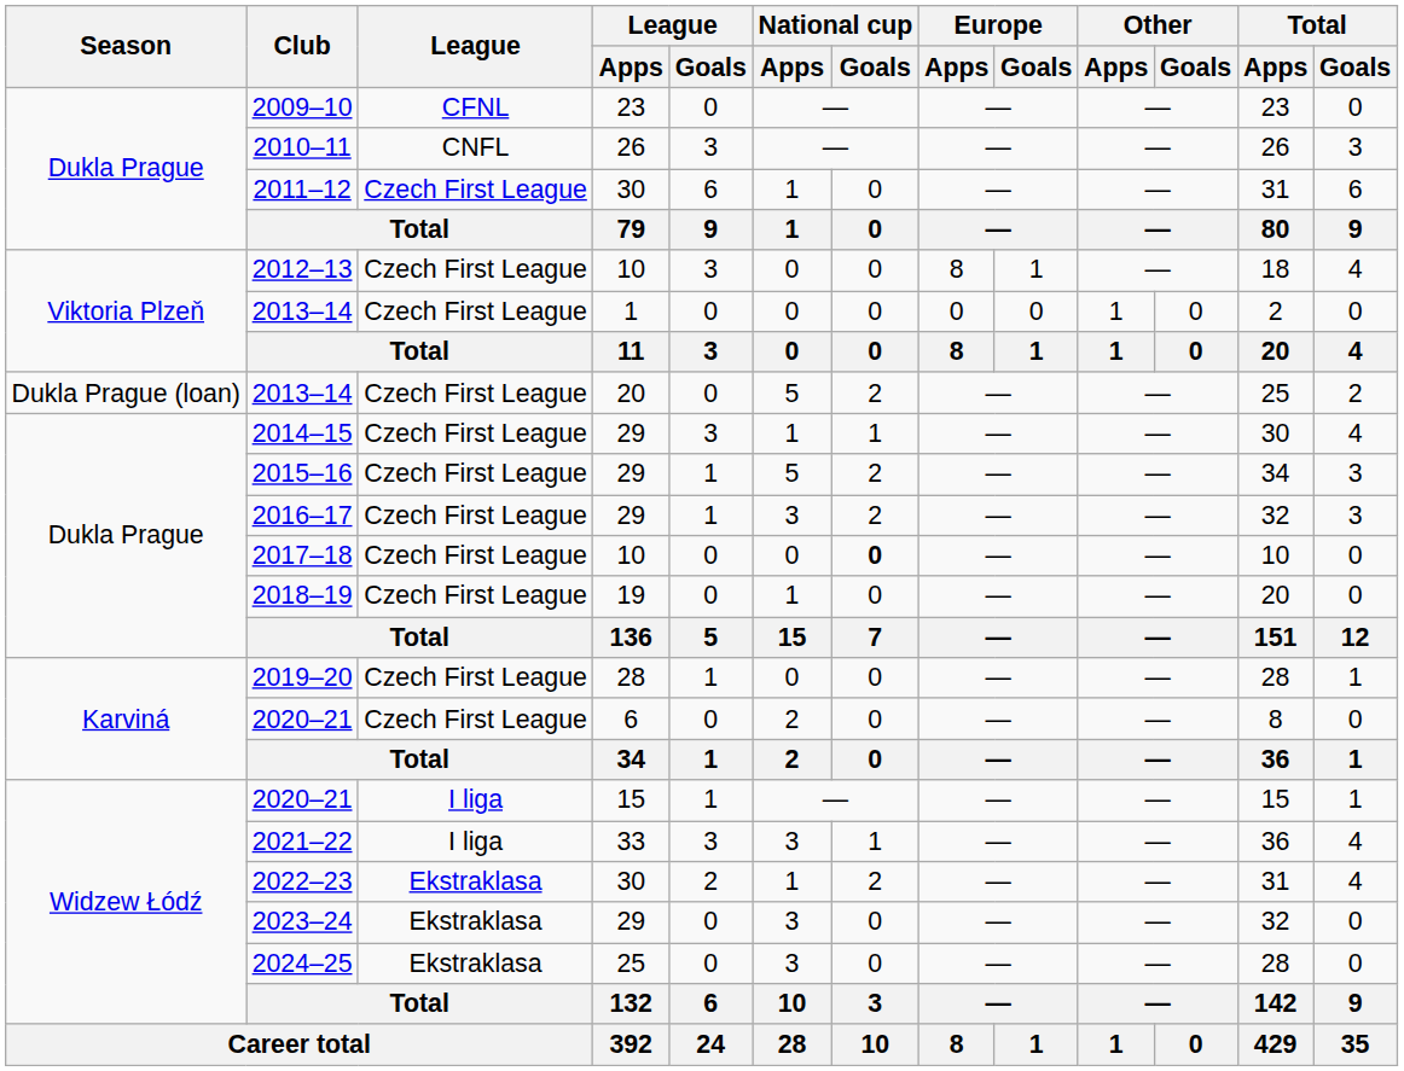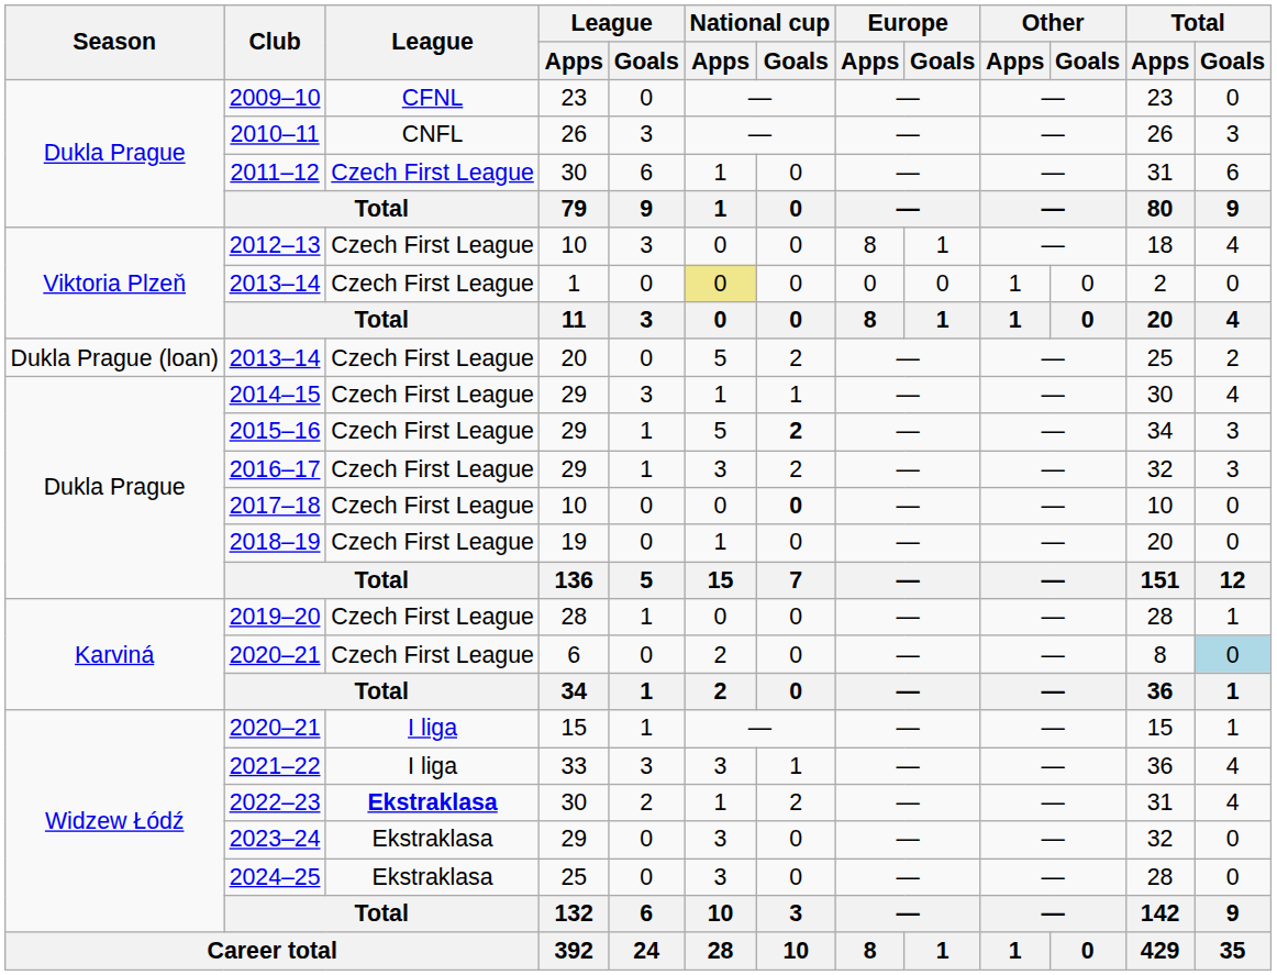 <table class="wikitable" style="text-align: center;">
 <tr>
 <th rowspan="2">Season</th>
 <th rowspan="2">Club</th>
 <th rowspan="2">League</th>
 <th colspan="2">League</th>
 <th colspan="2">National cup</th>
 <th colspan="2">Europe</th>
 <th colspan="2">Other</th>
 <th colspan="2">Total</th>
 </tr>
 <tr>
 <th>Apps</th>
 <th>Goals</th>
 <th>Apps</th>
 <th>Goals</th>
 <th>Apps</th>
 <th>Goals</th>
 <th>Apps</th>
 <th>Goals</th>
 <th>Apps</th>
 <th>Goals</th>
 </tr>
 <tr>
 <td rowspan="4"><a href='#'>Dukla Prague</a></td>
 <td><a href='#'>2009–10</a></td>
 <td><a href='#'>CFNL</a></td>
 <td>23</td>
 <td>0</td>
 <td colspan="2">—</td>
 <td colspan="2">—</td>
 <td colspan="2">—</td>
 <td>23</td>
 <td>0</td>
 </tr>
 <tr>
 <td><a href='#'>2010–11</a></td>
 <td>CNFL</td>
 <td>26</td>
 <td>3</td>
 <td colspan="2">—</td>
 <td colspan="2">—</td>
 <td colspan="2">—</td>
 <td>26</td>
 <td>3</td>
 </tr>
 <tr>
 <td><a href='#'>2011–12</a></td>
 <td><a href='#'>Czech First League</a></td>
 <td>30</td>
 <td>6</td>
 <td>1</td>
 <td>0</td>
 <td colspan="2">—</td>
 <td colspan="2">—</td>
 <td>31</td>
 <td>6</td>
 </tr>
 <tr>
 <th colspan="2">Total</th>
 <th>79</th>
 <th>9</th>
 <th>1</th>
 <th>0</th>
 <th colspan="2">—</th>
 <th colspan="2">—</th>
 <th>80</th>
 <th>9</th>
 </tr>
 <tr>
 <td rowspan="3"><a href='#'>Viktoria Plzeň</a></td>
 <td><a href='#'>2012–13</a></td>
 <td>Czech First League</td>
 <td>10</td>
 <td>3</td>
 <td>0</td>
 <td>0</td>
 <td>8</td>
 <td>1</td>
 <td colspan="2">—</td>
 <td>18</td>
 <td>4</td>
 </tr>
 <tr>
 <td><a href='#'>2013–14</a></td>
 <td>Czech First League</td>
 <td>1</td>
 <td>0</td>
-<td>0</td>
+<td style="background: khaki;">0</td>
 <td>0</td>
 <td>0</td>
 <td>0</td>
 <td>1</td>
 <td>0</td>
 <td>2</td>
 <td>0</td>
 </tr>
 <tr>
 <th colspan="2">Total</th>
 <th>11</th>
 <th>3</th>
 <th>0</th>
 <th>0</th>
 <th>8</th>
 <th>1</th>
 <th>1</th>
 <th>0</th>
 <th>20</th>
 <th>4</th>
 </tr>
 <tr>
 <td>Dukla Prague (loan)</td>
 <td><a href='#'>2013–14</a></td>
 <td>Czech First League</td>
 <td>20</td>
 <td>0</td>
 <td>5</td>
 <td>2</td>
 <td colspan="2">—</td>
 <td colspan="2">—</td>
 <td>25</td>
 <td>2</td>
 </tr>
 <tr>
 <td rowspan="6">Dukla Prague</td>
 <td><a href='#'>2014–15</a></td>
 <td>Czech First League</td>
 <td>29</td>
 <td>3</td>
 <td>1</td>
 <td>1</td>
 <td colspan="2">—</td>
 <td colspan="2">—</td>
 <td>30</td>
 <td>4</td>
 </tr>
 <tr>
 <td><a href='#'>2015–16</a></td>
 <td>Czech First League</td>
 <td>29</td>
 <td>1</td>
 <td>5</td>
-<td>2</td>
+<td><strong>2</strong></td>
 <td colspan="2">—</td>
 <td colspan="2">—</td>
 <td>34</td>
 <td>3</td>
 </tr>
 <tr>
 <td><a href='#'>2016–17</a></td>
 <td>Czech First League</td>
 <td>29</td>
 <td>1</td>
 <td>3</td>
 <td>2</td>
 <td colspan="2">—</td>
 <td colspan="2">—</td>
 <td>32</td>
 <td>3</td>
 </tr>
 <tr>
 <td><a href='#'>2017–18</a></td>
 <td>Czech First League</td>
 <td>10</td>
 <td>0</td>
 <td>0</td>
 <td><strong>0</strong></td>
 <td colspan="2">—</td>
 <td colspan="2">—</td>
 <td>10</td>
 <td>0</td>
 </tr>
 <tr>
 <td><a href='#'>2018–19</a></td>
 <td>Czech First League</td>
 <td>19</td>
 <td>0</td>
 <td>1</td>
 <td>0</td>
 <td colspan="2">—</td>
 <td colspan="2">—</td>
 <td>20</td>
 <td>0</td>
 </tr>
 <tr>
 <th colspan="2">Total</th>
 <th>136</th>
 <th>5</th>
 <th>15</th>
 <th>7</th>
 <th colspan="2">—</th>
 <th colspan="2">—</th>
 <th>151</th>
 <th>12</th>
 </tr>
 <tr>
 <td rowspan="3"><a href='#'>Karviná</a></td>
 <td><a href='#'>2019–20</a></td>
 <td>Czech First League</td>
 <td>28</td>
 <td>1</td>
 <td>0</td>
 <td>0</td>
 <td colspan="2">—</td>
 <td colspan="2">—</td>
 <td>28</td>
 <td>1</td>
 </tr>
 <tr>
 <td><a href='#'>2020–21</a></td>
 <td>Czech First League</td>
 <td>6</td>
 <td>0</td>
 <td>2</td>
 <td>0</td>
 <td colspan="2">—</td>
 <td colspan="2">—</td>
 <td>8</td>
-<td>0</td>
+<td style="background: lightblue;">0</td>
 </tr>
 <tr>
 <th colspan="2">Total</th>
 <th>34</th>
 <th>1</th>
 <th>2</th>
 <th>0</th>
 <th colspan="2">—</th>
 <th colspan="2">—</th>
 <th>36</th>
 <th>1</th>
 </tr>
 <tr>
 <td rowspan="6"><a href='#'>Widzew Łódź</a></td>
 <td><a href='#'>2020–21</a></td>
 <td><a href='#'>I liga</a></td>
 <td>15</td>
 <td>1</td>
 <td colspan="2">—</td>
 <td colspan="2">—</td>
 <td colspan="2">—</td>
 <td>15</td>
 <td>1</td>
 </tr>
 <tr>
 <td><a href='#'>2021–22</a></td>
 <td>I liga</td>
 <td>33</td>
 <td>3</td>
 <td>3</td>
 <td>1</td>
 <td colspan="2">—</td>
 <td colspan="2">—</td>
 <td>36</td>
 <td>4</td>
 </tr>
 <tr>
 <td><a href='#'>2022–23</a></td>
-<td><a href='#'>Ekstraklasa</a></td>
+<td><strong><a href='#'>Ekstraklasa</a></strong></td>
 <td>30</td>
 <td>2</td>
 <td>1</td>
 <td>2</td>
 <td colspan="2">—</td>
 <td colspan="2">—</td>
 <td>31</td>
 <td>4</td>
 </tr>
 <tr>
 <td><a href='#'>2023–24</a></td>
 <td>Ekstraklasa</td>
 <td>29</td>
 <td>0</td>
 <td>3</td>
 <td>0</td>
 <td colspan="2">—</td>
 <td colspan="2">—</td>
 <td>32</td>
 <td>0</td>
 </tr>
 <tr>
 <td><a href='#'>2024–25</a></td>
 <td>Ekstraklasa</td>
 <td>25</td>
 <td>0</td>
 <td>3</td>
 <td>0</td>
 <td colspan="2">—</td>
 <td colspan="2">—</td>
 <td>28</td>
 <td>0</td>
 </tr>
 <tr>
 <th colspan="2">Total</th>
 <th>132</th>
 <th>6</th>
 <th>10</th>
 <th>3</th>
 <th colspan="2">—</th>
 <th colspan="2">—</th>
 <th>142</th>
 <th>9</th>
 </tr>
 <tr>
 <th colspan="3">Career total</th>
 <th>392</th>
 <th>24</th>
 <th>28</th>
 <th>10</th>
 <th>8</th>
 <th>1</th>
 <th>1</th>
 <th>0</th>
 <th>429</th>
 <th>35</th>
 </tr>
 </table>
